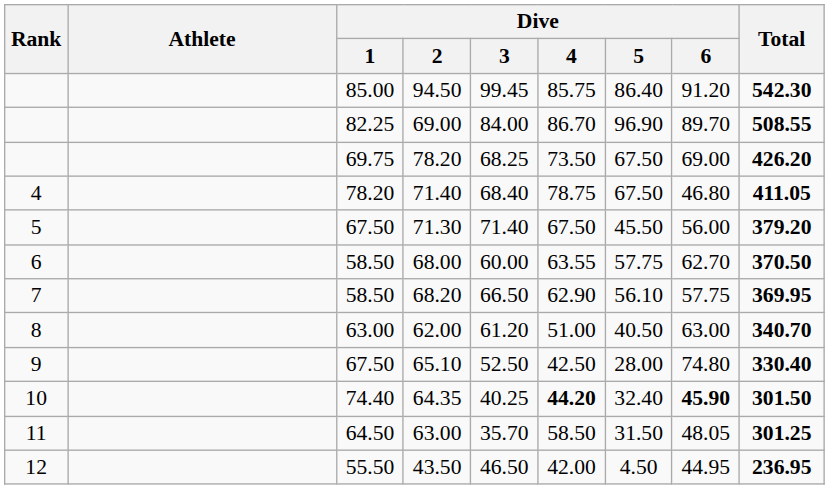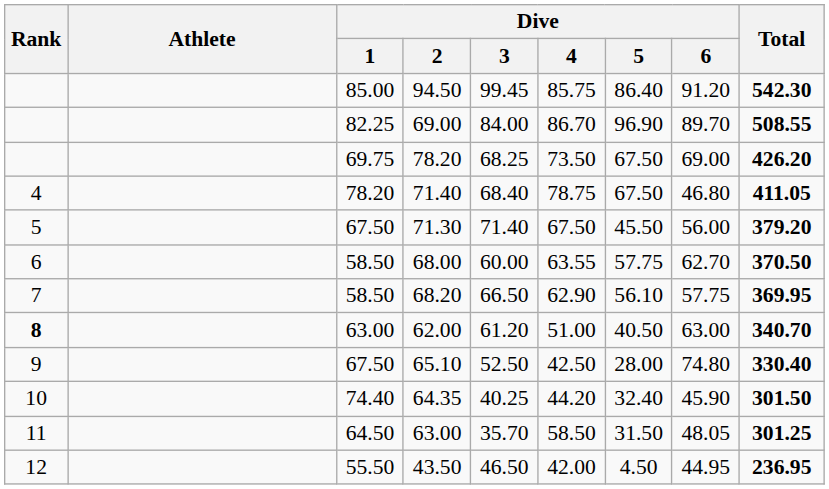 <table class=wikitable style="text-align:center">
 <tr>
 <th rowspan="2" width=40>Rank</th>
 <th rowspan="2" width=250>Athlete</th>
 <th colspan="6">Dive</th>
 <th rowspan="2" width=60>Total</th>
 </tr>
 <tr>
 <th width=45>1</th>
 <th width=45>2</th>
 <th width=45>3</th>
 <th width=45>4</th>
 <th width=45>5</th>
 <th width=45>6</th>
 </tr>
 <tr>
 <td></td>
 <td align=left></td>
 <td>85.00</td>
 <td>94.50</td>
 <td>99.45</td>
 <td>85.75</td>
 <td>86.40</td>
 <td>91.20</td>
 <td><strong>542.30</strong></td>
 </tr>
 <tr>
 <td></td>
 <td align=left></td>
 <td>82.25</td>
 <td>69.00</td>
 <td>84.00</td>
 <td>86.70</td>
 <td>96.90</td>
 <td>89.70</td>
 <td><strong>508.55</strong></td>
 </tr>
 <tr>
 <td></td>
 <td align=left></td>
 <td>69.75</td>
 <td>78.20</td>
 <td>68.25</td>
 <td>73.50</td>
 <td>67.50</td>
 <td>69.00</td>
 <td><strong>426.20</strong></td>
 </tr>
 <tr>
 <td>4</td>
 <td align=left></td>
 <td>78.20</td>
 <td>71.40</td>
 <td>68.40</td>
 <td>78.75</td>
 <td>67.50</td>
 <td>46.80</td>
 <td><strong>411.05</strong></td>
 </tr>
 <tr>
 <td>5</td>
 <td align=left></td>
 <td>67.50</td>
 <td>71.30</td>
 <td>71.40</td>
 <td>67.50</td>
 <td>45.50</td>
 <td>56.00</td>
 <td><strong>379.20</strong></td>
 </tr>
 <tr>
 <td>6</td>
 <td align=left></td>
 <td>58.50</td>
 <td>68.00</td>
 <td>60.00</td>
 <td>63.55</td>
 <td>57.75</td>
 <td>62.70</td>
 <td><strong>370.50</strong></td>
 </tr>
 <tr>
 <td>7</td>
 <td align=left></td>
 <td>58.50</td>
 <td>68.20</td>
 <td>66.50</td>
 <td>62.90</td>
 <td>56.10</td>
 <td>57.75</td>
 <td><strong>369.95</strong></td>
 </tr>
 <tr>
-<td>8</td>
+<td><strong>8</strong></td>
 <td align=left></td>
 <td>63.00</td>
 <td>62.00</td>
 <td>61.20</td>
 <td>51.00</td>
 <td>40.50</td>
 <td>63.00</td>
 <td><strong>340.70</strong></td>
 </tr>
 <tr>
 <td>9</td>
 <td align=left></td>
 <td>67.50</td>
 <td>65.10</td>
 <td>52.50</td>
 <td>42.50</td>
 <td>28.00</td>
 <td>74.80</td>
 <td><strong>330.40</strong></td>
 </tr>
 <tr>
 <td>10</td>
 <td align=left></td>
 <td>74.40</td>
 <td>64.35</td>
 <td>40.25</td>
-<td><strong>44.20</strong></td>
+<td>44.20</td>
 <td>32.40</td>
-<td><strong>45.90</strong></td>
+<td>45.90</td>
 <td><strong>301.50</strong></td>
 </tr>
 <tr>
 <td>11</td>
 <td align=left></td>
 <td>64.50</td>
 <td>63.00</td>
 <td>35.70</td>
 <td>58.50</td>
 <td>31.50</td>
 <td>48.05</td>
 <td><strong>301.25</strong></td>
 </tr>
 <tr>
 <td>12</td>
 <td align=left></td>
 <td>55.50</td>
 <td>43.50</td>
 <td>46.50</td>
 <td>42.00</td>
 <td>4.50</td>
 <td>44.95</td>
 <td><strong>236.95</strong></td>
 </tr>
 </table>
